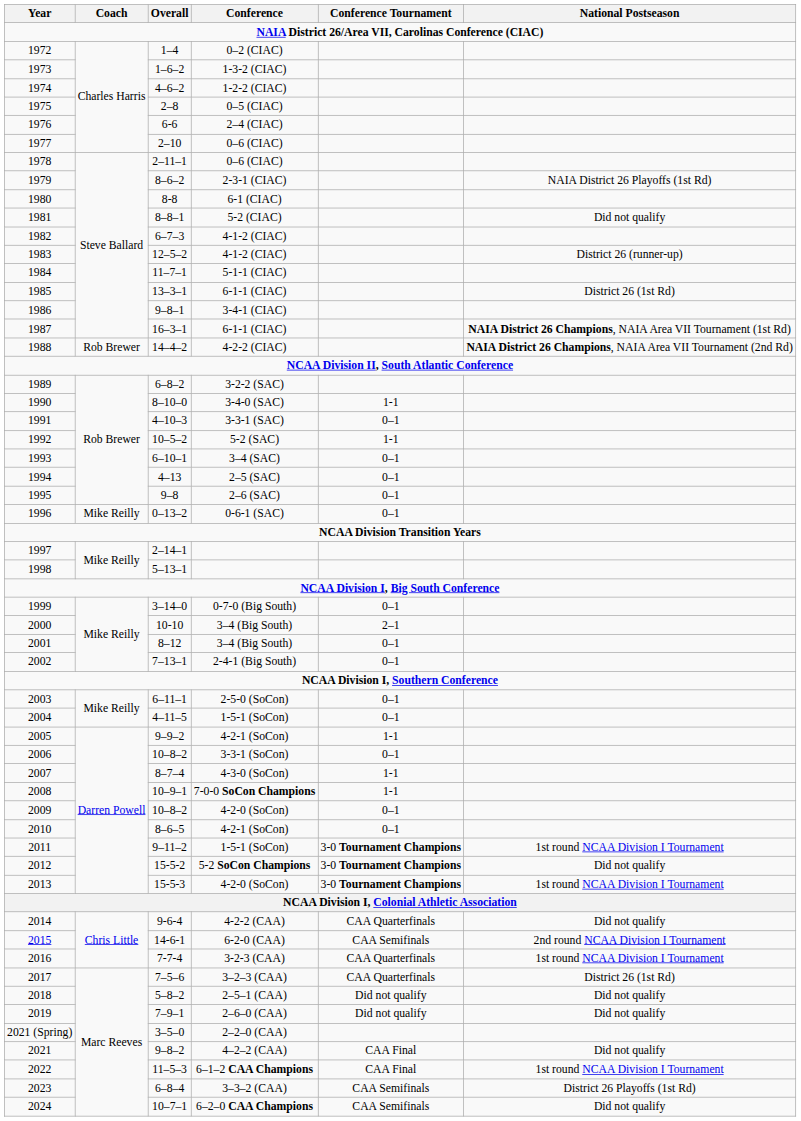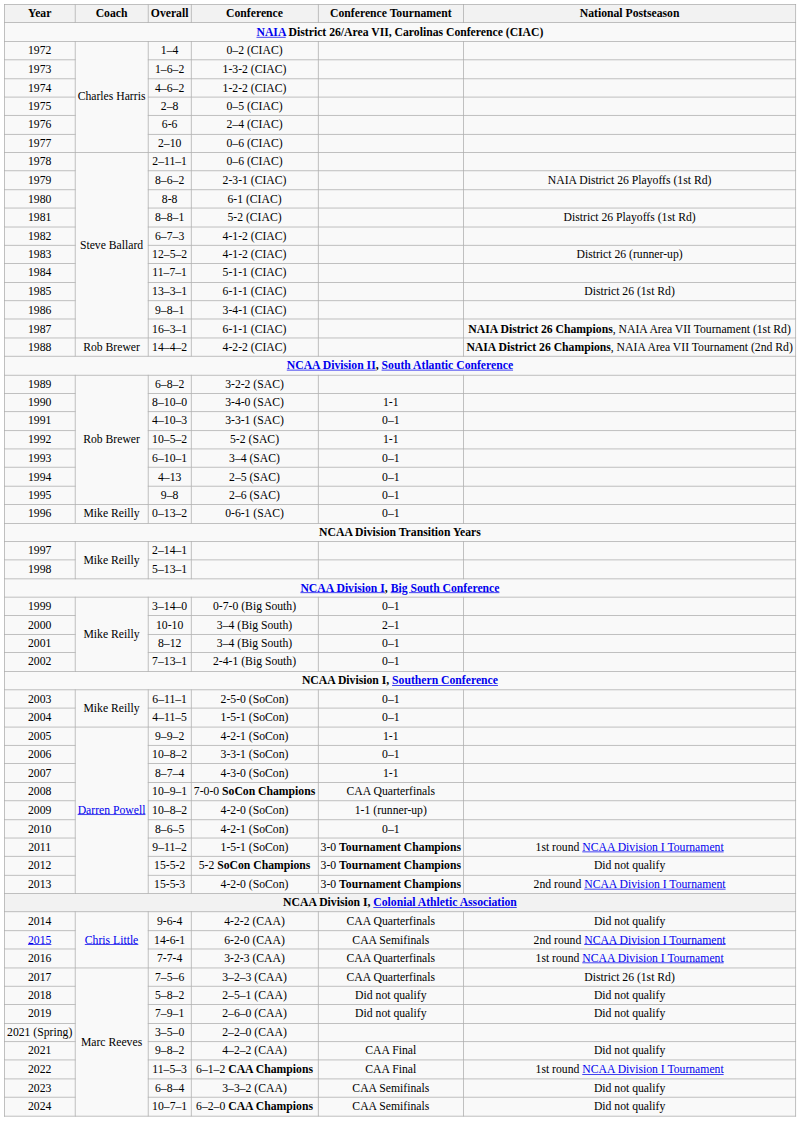 <table class="wikitable" style="text-align: center;">
 <tr>
 <th>Year</th>
 <th>Coach</th>
 <th>Overall</th>
 <th>Conference</th>
 <th>Conference Tournament</th>
 <th>National Postseason</th>
 </tr>
 <tr>
 <td colspan="6" style="text-align: center;"><strong><a href='#'>NAIA</a> District 26/Area VII, Carolinas Conference (CIAC)</strong></td>
 </tr>
 <tr>
 <td>1972</td>
 <td rowspan="6">Charles Harris</td>
 <td>1–4</td>
 <td>0–2 (CIAC)</td>
 <td></td>
 <td></td>
 </tr>
 <tr>
 <td>1973</td>
 <td>1–6–2</td>
 <td>1-3-2 (CIAC)</td>
 <td></td>
 <td></td>
 </tr>
 <tr>
 <td>1974</td>
 <td>4–6–2</td>
 <td>1-2-2 (CIAC)</td>
 <td></td>
 <td></td>
 </tr>
 <tr>
 <td>1975</td>
 <td>2–8</td>
 <td>0–5 (CIAC)</td>
 <td></td>
 <td></td>
 </tr>
 <tr>
 <td>1976</td>
 <td>6-6</td>
 <td>2–4 (CIAC)</td>
 <td></td>
 <td></td>
 </tr>
 <tr>
 <td>1977</td>
 <td>2–10</td>
 <td>0–6 (CIAC)</td>
 <td></td>
 <td></td>
 </tr>
 <tr>
 <td>1978</td>
 <td rowspan="10">Steve Ballard</td>
 <td>2–11–1</td>
 <td>0–6 (CIAC)</td>
 <td></td>
 <td></td>
 </tr>
 <tr>
 <td>1979</td>
 <td>8–6–2</td>
 <td>2-3-1 (CIAC)</td>
 <td></td>
 <td>NAIA District 26 Playoffs (1st Rd)</td>
 </tr>
 <tr>
 <td>1980</td>
 <td>8-8</td>
 <td>6-1 (CIAC)</td>
 <td></td>
 <td></td>
 </tr>
 <tr>
 <td>1981</td>
 <td>8–8–1</td>
 <td>5-2 (CIAC)</td>
 <td></td>
-<td>Did not qualify</td>
+<td>District 26 Playoffs (1st Rd)</td>
 </tr>
 <tr>
 <td>1982</td>
 <td>6–7–3</td>
 <td>4-1-2 (CIAC)</td>
 <td></td>
 <td></td>
 </tr>
 <tr>
 <td>1983</td>
 <td>12–5–2</td>
 <td>4-1-2 (CIAC)</td>
 <td></td>
 <td>District 26 (runner-up)</td>
 </tr>
 <tr>
 <td>1984</td>
 <td>11–7–1</td>
 <td>5-1-1 (CIAC)</td>
 <td></td>
 <td></td>
 </tr>
 <tr>
 <td>1985</td>
 <td>13–3–1</td>
 <td>6-1-1 (CIAC)</td>
 <td></td>
 <td>District 26 (1st Rd)</td>
 </tr>
 <tr>
 <td>1986</td>
 <td>9–8–1</td>
 <td>3-4-1 (CIAC)</td>
 <td></td>
 <td></td>
 </tr>
 <tr>
 <td>1987</td>
 <td>16–3–1</td>
 <td>6-1-1 (CIAC)</td>
 <td></td>
 <td><strong>NAIA District 26 Champions</strong>, NAIA Area VII Tournament (1st Rd)</td>
 </tr>
 <tr>
 <td>1988</td>
 <td rowspan="1">Rob Brewer</td>
 <td>14–4–2</td>
 <td>4-2-2 (CIAC)</td>
 <td></td>
 <td><strong>NAIA District 26 Champions</strong>, NAIA Area VII Tournament (2nd Rd)</td>
 </tr>
 <tr>
 <td colspan="6" style="text-align: center;"><strong><a href='#'>NCAA Division II</a>, <a href='#'>South Atlantic Conference</a></strong></td>
 </tr>
 <tr>
 <td>1989</td>
 <td rowspan="7">Rob Brewer</td>
 <td>6–8–2</td>
 <td>3-2-2 (SAC)</td>
 <td></td>
 <td></td>
 </tr>
 <tr>
 <td>1990</td>
 <td>8–10–0</td>
 <td>3-4-0 (SAC)</td>
 <td>1-1</td>
 <td></td>
 </tr>
 <tr>
 <td>1991</td>
 <td>4–10–3</td>
 <td>3-3-1 (SAC)</td>
 <td>0–1</td>
 <td></td>
 </tr>
 <tr>
 <td>1992</td>
 <td>10–5–2</td>
 <td>5-2 (SAC)</td>
 <td>1-1</td>
 <td></td>
 </tr>
 <tr>
 <td>1993</td>
 <td>6–10–1</td>
 <td>3–4 (SAC)</td>
 <td>0–1</td>
 <td></td>
 </tr>
 <tr>
 <td>1994</td>
 <td>4–13</td>
 <td>2–5 (SAC)</td>
 <td>0–1</td>
 <td></td>
 </tr>
 <tr>
 <td>1995</td>
 <td>9–8</td>
 <td>2–6 (SAC)</td>
 <td>0–1</td>
 <td></td>
 </tr>
 <tr>
 <td>1996</td>
 <td rowspan="1">Mike Reilly</td>
 <td>0–13–2</td>
 <td>0-6-1 (SAC)</td>
 <td>0–1</td>
 <td></td>
 </tr>
 <tr>
 <td colspan="6" style="text-align: center;"><strong>NCAA Division Transition Years</strong></td>
 </tr>
 <tr>
 <td>1997</td>
 <td rowspan="2">Mike Reilly</td>
 <td>2–14–1</td>
 <td></td>
 <td></td>
 <td></td>
 </tr>
 <tr>
 <td>1998</td>
 <td>5–13–1</td>
 <td></td>
 <td></td>
 <td></td>
 </tr>
 <tr>
 <td colspan="6" style="text-align: center;"><strong><a href='#'>NCAA Division I</a>, <a href='#'>Big South Conference</a></strong></td>
 </tr>
 <tr>
 <td>1999</td>
 <td rowspan="4">Mike Reilly</td>
 <td>3–14–0</td>
 <td>0-7-0 (Big South)</td>
 <td>0–1</td>
 <td></td>
 </tr>
 <tr>
 <td>2000</td>
 <td>10-10</td>
 <td>3–4 (Big South)</td>
 <td>2–1</td>
 <td></td>
 </tr>
 <tr>
 <td>2001</td>
 <td>8–12</td>
 <td>3–4 (Big South)</td>
 <td>0–1</td>
 <td></td>
 </tr>
 <tr>
 <td>2002</td>
 <td>7–13–1</td>
 <td>2-4-1 (Big South)</td>
 <td>0–1</td>
 <td></td>
 </tr>
 <tr>
 <td colspan="6" style="text-align: center;"><strong>NCAA Division I, <a href='#'>Southern Conference</a></strong></td>
 </tr>
 <tr>
 <td>2003</td>
 <td rowspan="2">Mike Reilly</td>
 <td>6–11–1</td>
 <td>2-5-0 (SoCon)</td>
 <td>0–1</td>
 <td></td>
 </tr>
 <tr>
 <td>2004</td>
 <td>4–11–5</td>
 <td>1-5-1 (SoCon)</td>
 <td>0–1</td>
 <td></td>
 </tr>
 <tr>
 <td>2005</td>
 <td rowspan="9"><a href='#'>Darren Powell</a></td>
 <td>9–9–2</td>
 <td>4-2-1 (SoCon)</td>
 <td>1-1</td>
 <td></td>
 </tr>
 <tr>
 <td>2006</td>
 <td>10–8–2</td>
 <td>3-3-1 (SoCon)</td>
 <td>0–1</td>
 <td></td>
 </tr>
 <tr>
 <td>2007</td>
 <td>8–7–4</td>
 <td>4-3-0 (SoCon)</td>
 <td>1-1</td>
 <td></td>
 </tr>
 <tr>
 <td>2008</td>
 <td>10–9–1</td>
 <td>7-0-0 <strong>SoCon Champions</strong></td>
-<td>1-1</td>
+<td>CAA Quarterfinals</td>
 <td></td>
 </tr>
 <tr>
 <td>2009</td>
 <td>10–8–2</td>
 <td>4-2-0 (SoCon)</td>
-<td>0–1</td>
+<td>1-1 (runner-up)</td>
 <td></td>
 </tr>
 <tr>
 <td>2010</td>
 <td>8–6–5</td>
 <td>4-2-1 (SoCon)</td>
 <td>0–1</td>
 <td></td>
 </tr>
 <tr>
 <td>2011</td>
 <td>9–11–2</td>
 <td>1-5-1 (SoCon)</td>
 <td>3-0 <strong>Tournament Champions</strong></td>
 <td>1st round <a href='#'>NCAA Division I Tournament</a></td>
 </tr>
 <tr>
 <td>2012</td>
 <td>15-5-2</td>
 <td>5-2 <strong>SoCon Champions</strong></td>
 <td>3-0 <strong>Tournament Champions</strong></td>
 <td>Did not qualify</td>
 </tr>
 <tr>
 <td>2013</td>
 <td>15-5-3</td>
 <td>4-2-0 (SoCon)</td>
 <td>3-0 <strong>Tournament Champions</strong></td>
-<td>1st round <a href='#'>NCAA Division I Tournament</a></td>
+<td>2nd round <a href='#'>NCAA Division I Tournament</a></td>
 </tr>
 <tr>
 <th colspan="6">NCAA Division I, <a href='#'>Colonial Athletic Association</a></th>
 </tr>
 <tr>
 <td>2014</td>
 <td rowspan="3"><a href='#'>Chris Little</a></td>
 <td>9-6-4</td>
 <td>4-2-2 (CAA)</td>
 <td>CAA Quarterfinals</td>
 <td>Did not qualify</td>
 </tr>
 <tr>
 <td><a href='#'>2015</a></td>
 <td>14-6-1</td>
 <td>6-2-0 (CAA)</td>
 <td>CAA Semifinals</td>
 <td>2nd round <a href='#'>NCAA Division I Tournament</a></td>
 </tr>
 <tr>
 <td>2016</td>
 <td>7-7-4</td>
 <td>3-2-3 (CAA)</td>
 <td>CAA Quarterfinals</td>
 <td>1st round <a href='#'>NCAA Division I Tournament</a></td>
 </tr>
 <tr>
 <td>2017</td>
 <td rowspan="8">Marc Reeves</td>
 <td>7–5–6</td>
 <td>3–2–3 (CAA)</td>
 <td>CAA Quarterfinals</td>
 <td>District 26 (1st Rd)</td>
 </tr>
 <tr>
 <td>2018</td>
 <td>5–8–2</td>
 <td>2–5–1 (CAA)</td>
 <td>Did not qualify</td>
 <td>Did not qualify</td>
 </tr>
 <tr>
 <td>2019</td>
 <td>7–9–1</td>
 <td>2–6–0 (CAA)</td>
 <td>Did not qualify</td>
 <td>Did not qualify</td>
 </tr>
 <tr>
 <td>2021 (Spring)</td>
 <td>3–5–0</td>
 <td>2–2–0 (CAA)</td>
 <td></td>
 <td></td>
 </tr>
 <tr>
 <td>2021</td>
 <td>9–8–2</td>
 <td>4–2–2 (CAA)</td>
 <td>CAA Final</td>
 <td>Did not qualify</td>
 </tr>
 <tr>
 <td>2022</td>
 <td>11–5–3</td>
 <td>6–1–2 <strong>CAA Champions</strong></td>
 <td>CAA Final</td>
 <td>1st round <a href='#'>NCAA Division I Tournament</a></td>
 </tr>
 <tr>
 <td>2023</td>
 <td>6–8–4</td>
 <td>3–3–2 (CAA)</td>
 <td>CAA Semifinals</td>
-<td>District 26 Playoffs (1st Rd)</td>
+<td>Did not qualify</td>
 </tr>
 <tr>
 <td>2024</td>
 <td>10–7–1</td>
 <td>6–2–0 <strong>CAA Champions</strong></td>
 <td>CAA Semifinals</td>
 <td>Did not qualify</td>
 </tr>
 </table>
